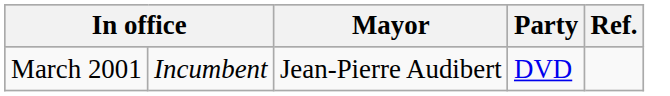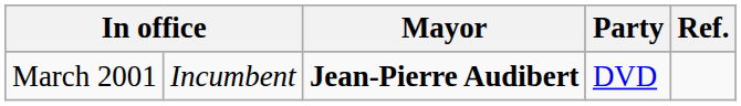 <table class="wikitable">
 <tr>
 <th colspan="2">In office</th>
 <th>Mayor</th>
 <th>Party</th>
 <th>Ref.</th>
 </tr>
 <tr>
 <td>March 2001</td>
 <td><em>Incumbent</em></td>
-<td>Jean-Pierre Audibert</td>
+<td><strong>Jean-Pierre Audibert</strong></td>
 <td><a href='#'>DVD</a></td>
 <td></td>
 </tr>
 </table>
